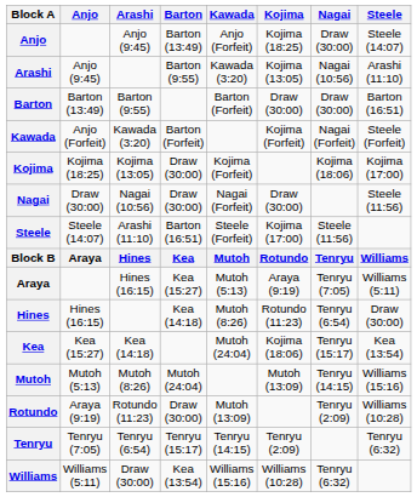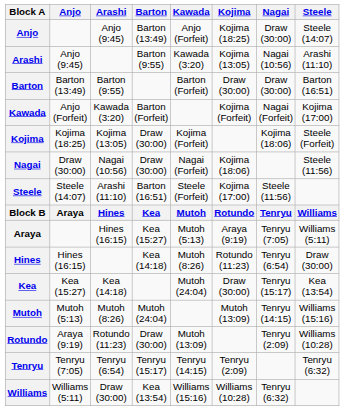 <table class="wikitable" style="margin: 1em auto 1em auto; text-align:center;">
 <tr>
 <th>Block A</th>
 <th><a href='#'>Anjo</a></th>
 <th><a href='#'>Arashi</a></th>
 <th><a href='#'>Barton</a></th>
 <th><a href='#'>Kawada</a></th>
 <th><a href='#'>Kojima</a></th>
 <th><a href='#'>Nagai</a></th>
 <th><a href='#'>Steele</a></th>
 </tr>
 <tr>
 <th><a href='#'>Anjo</a></th>
 <td></td>
 <td>Anjo<br>(9:45)</td>
 <td>Barton<br>(13:49)</td>
 <td>Anjo<br>(Forfeit)</td>
 <td>Kojima<br>(18:25)</td>
 <td>Draw<br>(30:00)</td>
 <td>Steele<br>(14:07)</td>
 </tr>
 <tr>
 <th><a href='#'>Arashi</a></th>
 <td>Anjo<br>(9:45)</td>
 <td></td>
 <td>Barton<br>(9:55)</td>
 <td>Kawada<br>(3:20)</td>
 <td>Kojima<br>(13:05)</td>
 <td>Nagai<br>(10:56)</td>
 <td>Arashi<br>(11:10)</td>
 </tr>
 <tr>
 <th><a href='#'>Barton</a></th>
 <td>Barton<br>(13:49)</td>
 <td>Barton<br>(9:55)</td>
 <td></td>
 <td>Barton<br>(Forfeit)</td>
 <td>Draw<br>(30:00)</td>
 <td>Draw<br>(30:00)</td>
 <td>Barton<br>(16:51)</td>
 </tr>
 <tr>
 <th><a href='#'>Kawada</a></th>
 <td>Anjo<br>(Forfeit)</td>
 <td>Kawada<br>(3:20)</td>
 <td>Barton<br>(Forfeit)</td>
 <td></td>
 <td>Kojima<br>(Forfeit)</td>
 <td>Nagai<br>(Forfeit)</td>
-<td>Steele<br>(Forfeit)</td>
+<td>Kojima<br>(17:00)</td>
 </tr>
 <tr>
 <th><a href='#'>Kojima</a></th>
 <td>Kojima<br>(18:25)</td>
 <td>Kojima<br>(13:05)</td>
 <td>Draw<br>(30:00)</td>
 <td>Kojima<br>(Forfeit)</td>
 <td></td>
 <td>Kojima<br>(18:06)</td>
-<td>Kojima<br>(17:00)</td>
+<td>Steele<br>(Forfeit)</td>
 </tr>
 <tr>
 <th><a href='#'>Nagai</a></th>
 <td>Draw<br>(30:00)</td>
 <td>Nagai<br>(10:56)</td>
 <td>Draw<br>(30:00)</td>
 <td>Nagai<br>(Forfeit)</td>
-<td>Draw<br>(30:00)</td>
+<td>Kojima<br>(18:06)</td>
 <td></td>
 <td>Steele<br>(11:56)</td>
 </tr>
 <tr>
 <th><a href='#'>Steele</a></th>
 <td>Steele<br>(14:07)</td>
 <td>Arashi<br>(11:10)</td>
 <td>Barton<br>(16:51)</td>
 <td>Steele<br>(Forfeit)</td>
 <td>Kojima<br>(17:00)</td>
 <td>Steele<br>(11:56)</td>
 <td></td>
 </tr>
 <tr>
 <th>Block B</th>
 <th Nobutaka Araya>Araya</th>
 <th><a href='#'>Hines</a></th>
 <th><a href='#'>Kea</a></th>
 <th><a href='#'>Mutoh</a></th>
 <th><a href='#'>Rotundo</a></th>
 <th><a href='#'>Tenryu</a></th>
 <th><a href='#'>Williams</a></th>
 </tr>
 <tr>
 <th Nobutaka Araya>Araya</th>
 <td></td>
 <td>Hines<br>(16:15)</td>
 <td>Kea<br>(15:27)</td>
 <td>Mutoh<br>(5:13)</td>
 <td>Araya<br>(9:19)</td>
 <td>Tenryu<br>(7:05)</td>
 <td>Williams<br>(5:11)</td>
 </tr>
 <tr>
 <th><a href='#'>Hines</a></th>
 <td>Hines<br>(16:15)</td>
 <td></td>
 <td>Kea<br>(14:18)</td>
 <td>Mutoh<br>(8:26)</td>
 <td>Rotundo<br>(11:23)</td>
 <td>Tenryu<br>(6:54)</td>
 <td>Draw<br>(30:00)</td>
 </tr>
 <tr>
 <th><a href='#'>Kea</a></th>
 <td>Kea<br>(15:27)</td>
 <td>Kea<br>(14:18)</td>
 <td></td>
 <td>Mutoh<br>(24:04)</td>
-<td>Kojima<br>(18:06)</td>
+<td>Draw<br>(30:00)</td>
 <td>Tenryu<br>(15:17)</td>
 <td>Kea<br>(13:54)</td>
 </tr>
 <tr>
 <th><a href='#'>Mutoh</a></th>
 <td>Mutoh<br>(5:13)</td>
 <td>Mutoh<br>(8:26)</td>
 <td>Mutoh<br>(24:04)</td>
 <td></td>
 <td>Mutoh<br>(13:09)</td>
 <td>Tenryu<br>(14:15)</td>
 <td>Williams<br>(15:16)</td>
 </tr>
 <tr>
 <th><a href='#'>Rotundo</a></th>
 <td>Araya<br>(9:19)</td>
 <td>Rotundo<br>(11:23)</td>
 <td>Draw<br>(30:00)</td>
 <td>Mutoh<br>(13:09)</td>
 <td></td>
 <td>Tenryu<br>(2:09)</td>
 <td>Williams<br>(10:28)</td>
 </tr>
 <tr>
 <th><a href='#'>Tenryu</a></th>
 <td>Tenryu<br>(7:05)</td>
 <td>Tenryu<br>(6:54)</td>
 <td>Tenryu<br>(15:17)</td>
 <td>Tenryu<br>(14:15)</td>
 <td>Tenryu<br>(2:09)</td>
 <td></td>
 <td>Tenryu<br>(6:32)</td>
 </tr>
 <tr>
 <th><a href='#'>Williams</a></th>
 <td>Williams<br>(5:11)</td>
 <td>Draw<br>(30:00)</td>
 <td>Kea<br>(13:54)</td>
 <td>Williams<br>(15:16)</td>
 <td>Williams<br>(10:28)</td>
 <td>Tenryu<br>(6:32)</td>
 <td></td>
 </tr>
 </table>
